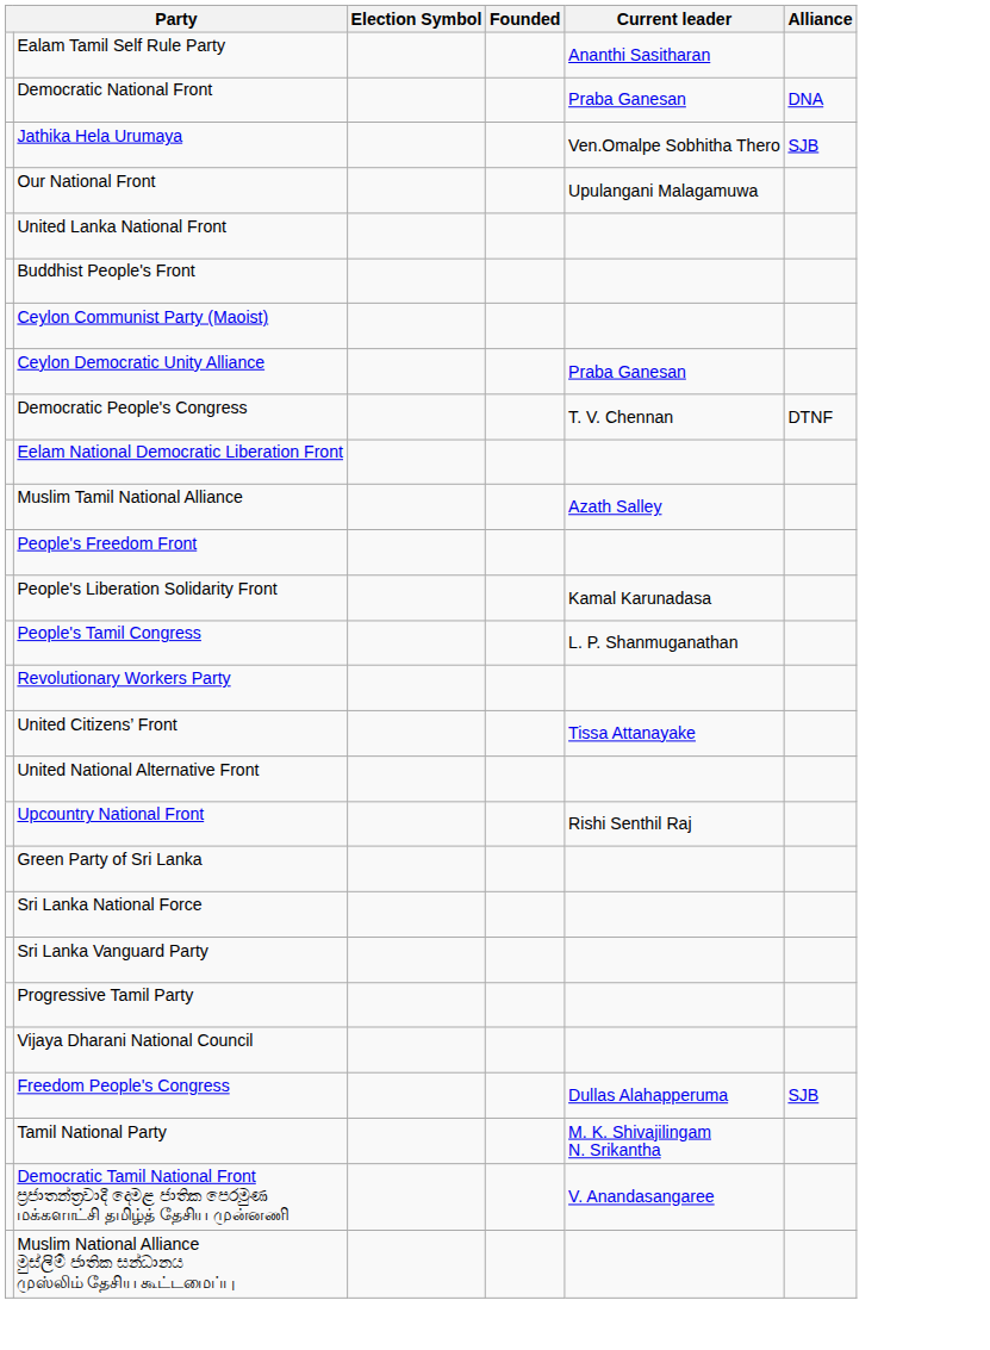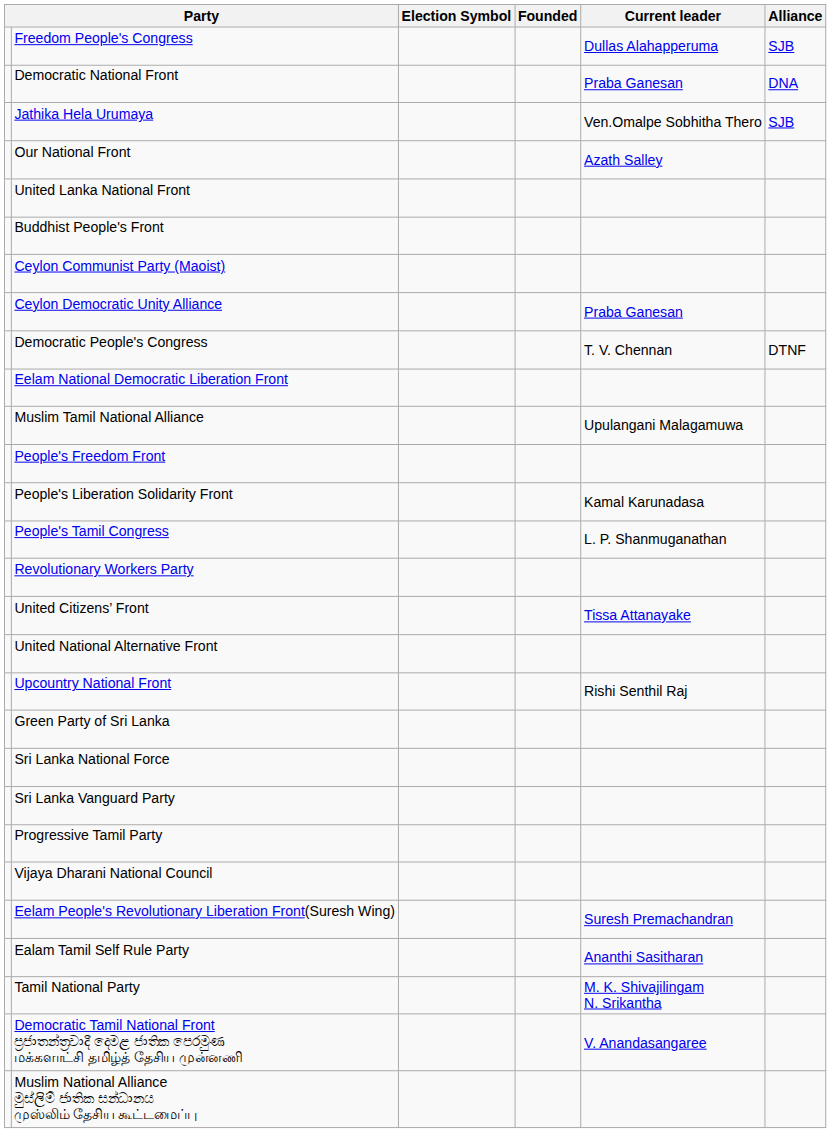 <table class="wikitable sortable" style="font-size: 90%;">
 <tr>
 <th align="left" colspan="2">Party</th>
 <th>Election Symbol</th>
 <th>Founded</th>
 <th>Current leader</th>
 <th>Alliance</th>
 </tr>
 <tr>
 <td bgcolor=></td>
-<td>Ealam Tamil Self Rule Party<br><br></td>
+<td><a href='#'>Freedom People's Congress</a><br><br></td>
 <td></td>
 <td></td>
-<td><a href='#'>Ananthi Sasitharan</a></td>
-<td></td>
+<td><a href='#'>Dullas Alahapperuma</a></td>
+<td><a href='#'>SJB</a></td>
 </tr>
 <tr>
 <td bgcolor=></td>
 <td>Democratic National Front<br><br></td>
 <td></td>
 <td></td>
 <td><a href='#'>Praba Ganesan</a></td>
 <td><a href='#'>DNA</a></td>
 </tr>
 <tr>
 <td bgcolor=></td>
 <td><a href='#'>Jathika Hela Urumaya</a><br><br></td>
 <td></td>
 <td></td>
 <td>Ven.Omalpe Sobhitha Thero</td>
 <td><a href='#'>SJB</a></td>
 </tr>
 <tr>
 <td bgcolor=></td>
 <td>Our National Front<br><br></td>
 <td></td>
 <td align=left></td>
-<td>Upulangani Malagamuwa</td>
+<td><a href='#'>Azath Salley</a></td>
 <td></td>
 </tr>
 <tr>
 <td bgcolor=></td>
 <td>United Lanka National Front<br><br></td>
 <td></td>
 <td></td>
 <td></td>
 <td></td>
 </tr>
 <tr>
 <td bgcolor=></td>
 <td>Buddhist People's Front<br><br></td>
 <td></td>
 <td></td>
 <td></td>
 <td></td>
 </tr>
 <tr>
 <td bgcolor=></td>
 <td><a href='#'>Ceylon Communist Party (Maoist)</a><br><br></td>
 <td></td>
 <td align=left></td>
 <td></td>
 <td></td>
 </tr>
 <tr>
 <td bgcolor=></td>
 <td><a href='#'>Ceylon Democratic Unity Alliance</a><br><br></td>
 <td></td>
 <td align=left></td>
 <td><a href='#'>Praba Ganesan</a></td>
 <td></td>
 </tr>
 <tr>
 <td bgcolor=></td>
 <td>Democratic People's Congress<br><br></td>
 <td></td>
 <td></td>
 <td>T. V. Chennan</td>
 <td align=left>DTNF</td>
 </tr>
 <tr>
 <td bgcolor=></td>
 <td><a href='#'>Eelam National Democratic Liberation Front</a><br><br></td>
 <td></td>
 <td align=left></td>
 <td></td>
 <td></td>
 </tr>
 <tr>
 <td bgcolor=></td>
 <td>Muslim Tamil National Alliance<br><br></td>
 <td></td>
 <td></td>
-<td><a href='#'>Azath Salley</a></td>
+<td>Upulangani Malagamuwa</td>
 <td></td>
 </tr>
 <tr>
 <td bgcolor=></td>
 <td><a href='#'>People's Freedom Front</a><br><br></td>
 <td></td>
 <td align=left></td>
 <td></td>
 <td></td>
 </tr>
 <tr>
 <td bgcolor=></td>
 <td>People's Liberation Solidarity Front<br><br></td>
 <td></td>
 <td align=left></td>
 <td>Kamal Karunadasa</td>
 <td></td>
 </tr>
 <tr>
 <td bgcolor=></td>
 <td><a href='#'>People's Tamil Congress</a><br><br></td>
 <td></td>
 <td></td>
 <td>L. P. Shanmuganathan</td>
 <td></td>
 </tr>
 <tr>
 <td bgcolor=></td>
 <td><a href='#'>Revolutionary Workers Party</a><br><br></td>
 <td></td>
 <td align=left></td>
 <td></td>
 <td></td>
 </tr>
 <tr>
 <td bgcolor=></td>
 <td>United Citizens’ Front<br><br></td>
 <td></td>
 <td></td>
 <td><a href='#'>Tissa Attanayake</a></td>
 <td></td>
 </tr>
 <tr>
 <td bgcolor=></td>
 <td>United National Alternative Front<br><br></td>
 <td></td>
 <td align=left></td>
 <td></td>
 <td></td>
 </tr>
 <tr>
 <td bgcolor=></td>
 <td><a href='#'>Upcountry National Front</a><br><br></td>
 <td></td>
 <td align=left></td>
 <td>Rishi Senthil Raj</td>
 <td></td>
 </tr>
 <tr>
 <td bgcolor=></td>
 <td>Green Party of Sri Lanka<br><br></td>
 <td></td>
 <td></td>
 <td></td>
 <td></td>
 </tr>
 <tr>
 <td bgcolor=></td>
 <td>Sri Lanka National Force<br><br></td>
 <td></td>
 <td></td>
 <td></td>
 <td></td>
 </tr>
 <tr>
 <td bgcolor=></td>
 <td>Sri Lanka Vanguard Party<br><br></td>
 <td></td>
 <td></td>
 <td></td>
 <td></td>
 </tr>
 <tr>
 <td bgcolor=></td>
 <td>Progressive Tamil Party<br><br></td>
 <td></td>
 <td></td>
 <td></td>
 <td></td>
 </tr>
 <tr>
 <td bgcolor=></td>
 <td>Vijaya Dharani National Council<br><br></td>
 <td></td>
 <td></td>
 <td></td>
 <td></td>
 </tr>
 <tr>
 <td bgcolor=></td>
-<td><a href='#'>Freedom People's Congress</a><br><br></td>
+<td><a href='#'>Eelam People's Revolutionary Liberation Front</a>(Suresh Wing)<br><br></td>
+<td></td>
+<td align=left></td>
+<td><a href='#'>Suresh Premachandran</a></td>
+<td></td>
+</tr>
+<tr>
+<td bgcolor=></td>
+<td>Ealam Tamil Self Rule Party<br><br></td>
 <td></td>
 <td></td>
-<td><a href='#'>Dullas Alahapperuma</a></td>
-<td><a href='#'>SJB</a></td>
+<td><a href='#'>Ananthi Sasitharan</a></td>
+<td></td>
 </tr>
 <tr>
 <td bgcolor=></td>
 <td>Tamil National Party<br><br></td>
 <td></td>
 <td></td>
 <td><a href='#'>M. K. Shivajilingam</a><br><a href='#'>N. Srikantha</a></td>
 <td></td>
 </tr>
 <tr>
 <td bgcolor=></td>
 <td><a href='#'>Democratic Tamil National Front</a><br>ප්‍රජාතන්ත්‍රවාදී දෙමළ ජාතික පෙරමුණ<br>மக்களாட்சி தமிழ்த் தேசிய முன்னணி</td>
 <td></td>
 <td align="center"></td>
 <td><a href='#'>V. Anandasangaree</a></td>
 <td></td>
 </tr>
 <tr>
 <td bgcolor=></td>
 <td>Muslim National Alliance<br>මුස්ලිම් ජාතික සන්ධානය<br>முஸ்லிம் தேசிய கூட்டமைப்பு</td>
 <td></td>
 <td></td>
 <td></td>
 <td></td>
 </tr>
 </table>
